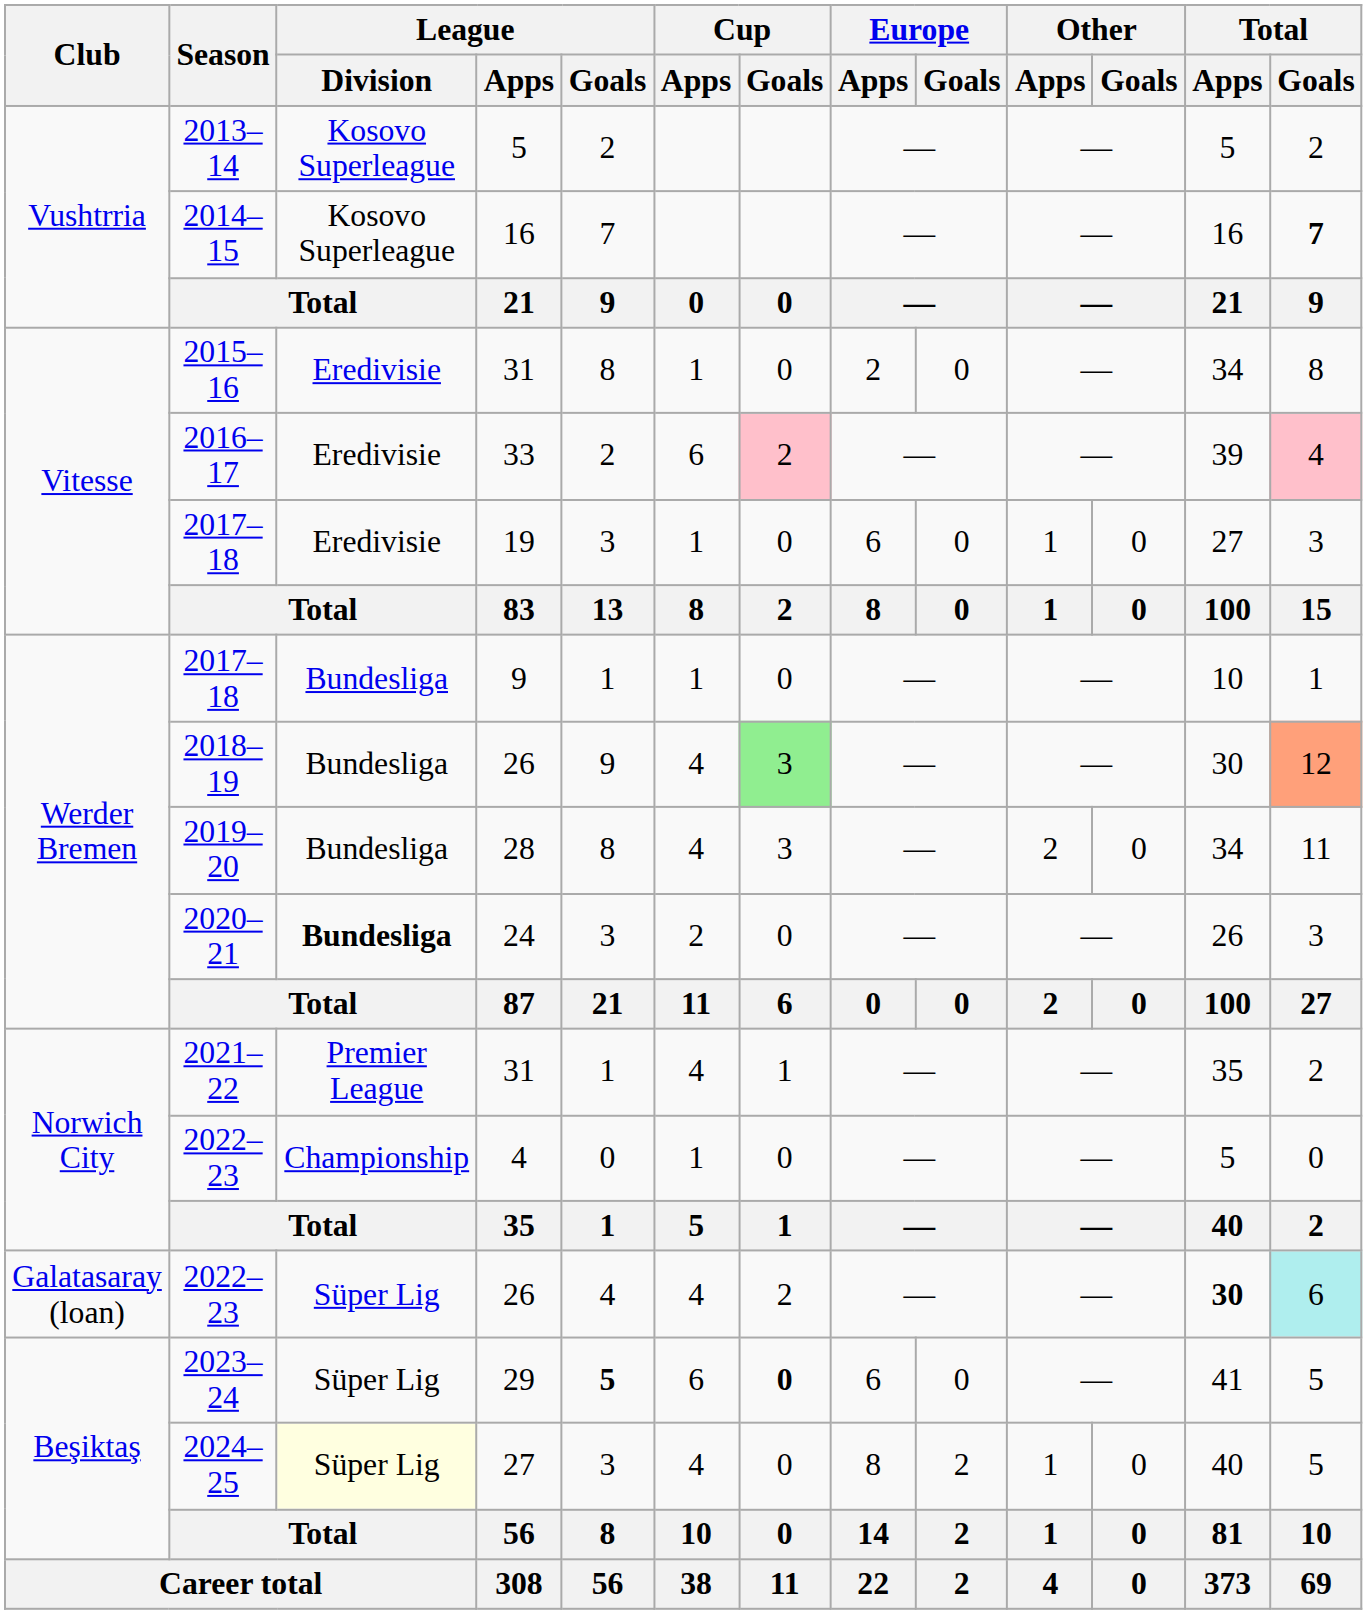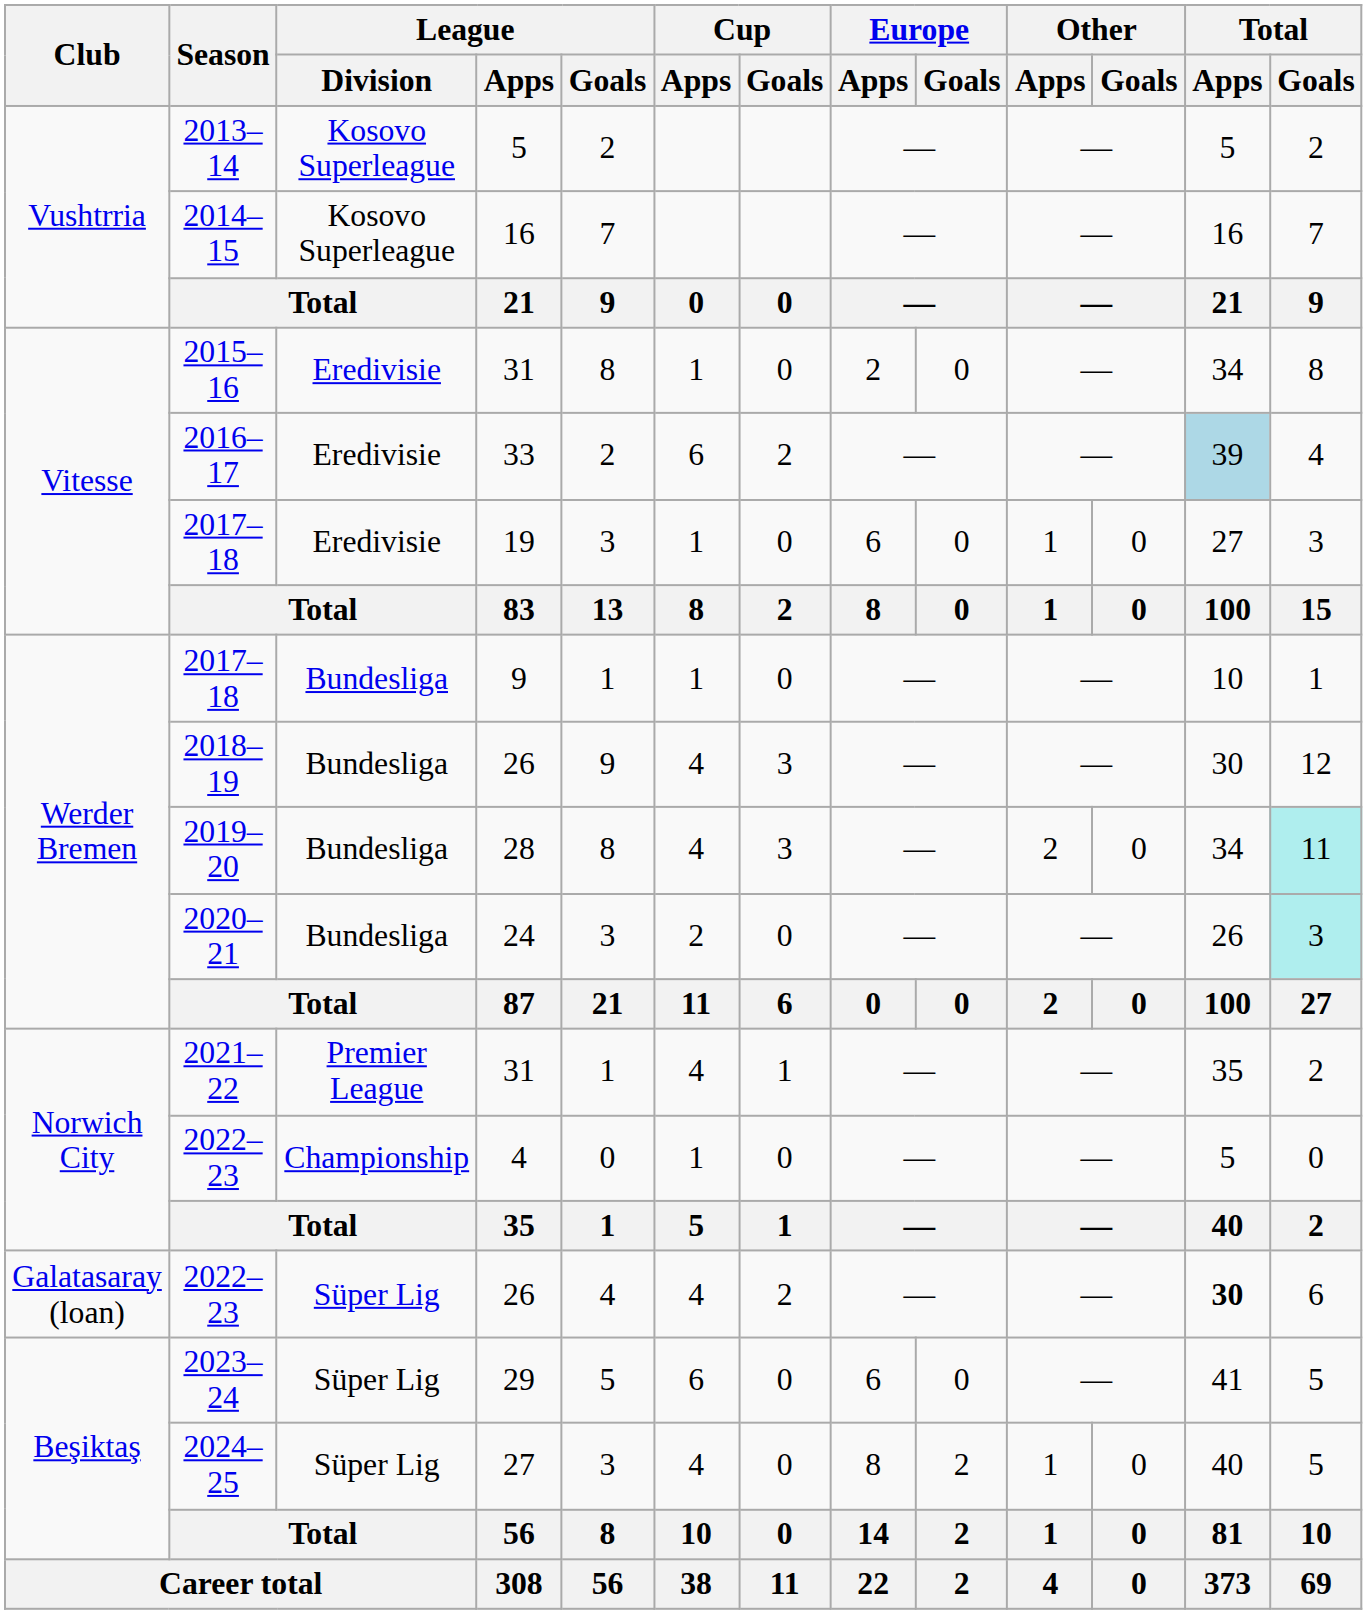 <table class="wikitable" style="text-align: center">
 <tr>
 <th rowspan="2">Club</th>
 <th rowspan="2">Season</th>
 <th colspan="3">League</th>
 <th colspan="2">Cup</th>
 <th colspan="2"><a href='#'>Europe</a></th>
 <th colspan="2">Other</th>
 <th colspan="2">Total</th>
 </tr>
 <tr>
 <th>Division</th>
 <th>Apps</th>
 <th>Goals</th>
 <th>Apps</th>
 <th>Goals</th>
 <th>Apps</th>
 <th>Goals</th>
 <th>Apps</th>
 <th>Goals</th>
 <th>Apps</th>
 <th>Goals</th>
 </tr>
 <tr>
 <td rowspan="3"><a href='#'>Vushtrria</a></td>
 <td><a href='#'>2013–14</a></td>
 <td><a href='#'>Kosovo Superleague</a></td>
 <td>5</td>
 <td>2</td>
 <td></td>
 <td></td>
 <td colspan="2">—</td>
 <td colspan="2">—</td>
 <td>5</td>
 <td>2</td>
 </tr>
 <tr>
 <td><a href='#'>2014–15</a></td>
 <td>Kosovo Superleague</td>
 <td>16</td>
 <td>7</td>
 <td></td>
 <td></td>
 <td colspan="2">—</td>
 <td colspan="2">—</td>
 <td>16</td>
-<td><strong>7</strong></td>
+<td>7</td>
 </tr>
 <tr>
 <th colspan="2">Total</th>
 <th>21</th>
 <th>9</th>
 <th>0</th>
 <th>0</th>
 <th colspan="2">—</th>
 <th colspan="2">—</th>
 <th>21</th>
 <th>9</th>
 </tr>
 <tr>
 <td rowspan="4"><a href='#'>Vitesse</a></td>
 <td><a href='#'>2015–16</a></td>
 <td><a href='#'>Eredivisie</a></td>
 <td>31</td>
 <td>8</td>
 <td>1</td>
 <td>0</td>
 <td>2</td>
 <td>0</td>
 <td colspan="2">—</td>
 <td>34</td>
 <td>8</td>
 </tr>
 <tr>
 <td><a href='#'>2016–17</a></td>
 <td>Eredivisie</td>
 <td>33</td>
 <td>2</td>
 <td>6</td>
-<td style="background: pink;">2</td>
+<td>2</td>
 <td colspan="2">—</td>
 <td colspan="2">—</td>
-<td>39</td>
-<td style="background: pink;">4</td>
+<td style="background: lightblue;">39</td>
+<td>4</td>
 </tr>
 <tr>
 <td><a href='#'>2017–18</a></td>
 <td>Eredivisie</td>
 <td>19</td>
 <td>3</td>
 <td>1</td>
 <td>0</td>
 <td>6</td>
 <td>0</td>
 <td>1</td>
 <td>0</td>
 <td>27</td>
 <td>3</td>
 </tr>
 <tr>
 <th colspan="2">Total</th>
 <th>83</th>
 <th>13</th>
 <th>8</th>
 <th>2</th>
 <th>8</th>
 <th>0</th>
 <th>1</th>
 <th>0</th>
 <th>100</th>
 <th>15</th>
 </tr>
 <tr>
 <td rowspan="5"><a href='#'>Werder Bremen</a></td>
 <td><a href='#'>2017–18</a></td>
 <td><a href='#'>Bundesliga</a></td>
 <td>9</td>
 <td>1</td>
 <td>1</td>
 <td>0</td>
 <td colspan="2">—</td>
 <td colspan="2">—</td>
 <td>10</td>
 <td>1</td>
 </tr>
 <tr>
 <td><a href='#'>2018–19</a></td>
 <td>Bundesliga</td>
 <td>26</td>
 <td>9</td>
 <td>4</td>
-<td style="background: lightgreen;">3</td>
+<td>3</td>
 <td colspan="2">—</td>
 <td colspan="2">—</td>
 <td>30</td>
-<td style="background: lightsalmon;">12</td>
+<td>12</td>
 </tr>
 <tr>
 <td><a href='#'>2019–20</a></td>
 <td>Bundesliga</td>
 <td>28</td>
 <td>8</td>
 <td>4</td>
 <td>3</td>
 <td colspan="2">—</td>
 <td>2</td>
 <td>0</td>
 <td>34</td>
-<td>11</td>
+<td style="background: paleturquoise;">11</td>
 </tr>
 <tr>
 <td><a href='#'>2020–21</a></td>
-<td><strong>Bundesliga</strong></td>
+<td>Bundesliga</td>
 <td>24</td>
 <td>3</td>
 <td>2</td>
 <td>0</td>
 <td colspan="2">—</td>
 <td colspan="2">—</td>
 <td>26</td>
-<td>3</td>
+<td style="background: paleturquoise;">3</td>
 </tr>
 <tr>
 <th colspan="2">Total</th>
 <th>87</th>
 <th>21</th>
 <th>11</th>
 <th>6</th>
 <th>0</th>
 <th>0</th>
 <th>2</th>
 <th>0</th>
 <th>100</th>
 <th>27</th>
 </tr>
 <tr>
 <td rowspan="3"><a href='#'>Norwich City</a></td>
 <td><a href='#'>2021–22</a></td>
 <td><a href='#'>Premier League</a></td>
 <td>31</td>
 <td>1</td>
 <td>4</td>
 <td>1</td>
 <td colspan="2">—</td>
 <td colspan="2">—</td>
 <td>35</td>
 <td>2</td>
 </tr>
 <tr>
 <td><a href='#'>2022–23</a></td>
 <td><a href='#'>Championship</a></td>
 <td>4</td>
 <td>0</td>
 <td>1</td>
 <td>0</td>
 <td colspan="2">—</td>
 <td colspan="2">—</td>
 <td>5</td>
 <td>0</td>
 </tr>
 <tr>
 <th colspan="2">Total</th>
 <th>35</th>
 <th>1</th>
 <th>5</th>
 <th>1</th>
 <th colspan="2">—</th>
 <th colspan="2">—</th>
 <th>40</th>
 <th>2</th>
 </tr>
 <tr>
 <td><a href='#'>Galatasaray</a> (loan)</td>
 <td><a href='#'>2022–23</a></td>
 <td><a href='#'>Süper Lig</a></td>
 <td>26</td>
 <td>4</td>
 <td>4</td>
 <td>2</td>
 <td colspan="2">—</td>
 <td colspan="2">—</td>
 <td><strong>30</strong></td>
-<td style="background: paleturquoise;">6</td>
+<td>6</td>
 </tr>
 <tr>
 <td rowspan="3"><a href='#'>Beşiktaş</a></td>
 <td><a href='#'>2023–24</a></td>
 <td>Süper Lig</td>
 <td>29</td>
-<td><strong>5</strong></td>
+<td>5</td>
 <td>6</td>
-<td><strong>0</strong></td>
+<td>0</td>
 <td>6</td>
 <td>0</td>
 <td colspan="2">—</td>
 <td>41</td>
 <td>5</td>
 </tr>
 <tr>
 <td><a href='#'>2024–25</a></td>
-<td style="background: lightyellow;">Süper Lig</td>
+<td>Süper Lig</td>
 <td>27</td>
 <td>3</td>
 <td>4</td>
 <td>0</td>
 <td>8</td>
 <td>2</td>
 <td>1</td>
 <td>0</td>
 <td>40</td>
 <td>5</td>
 </tr>
 <tr>
 <th colspan="2">Total</th>
 <th>56</th>
 <th>8</th>
 <th>10</th>
 <th>0</th>
 <th>14</th>
 <th>2</th>
 <th>1</th>
 <th>0</th>
 <th>81</th>
 <th>10</th>
 </tr>
 <tr>
 <th colspan="3">Career total</th>
 <th>308</th>
 <th>56</th>
 <th>38</th>
 <th>11</th>
 <th>22</th>
 <th>2</th>
 <th>4</th>
 <th>0</th>
 <th>373</th>
 <th>69</th>
 </tr>
 </table>
